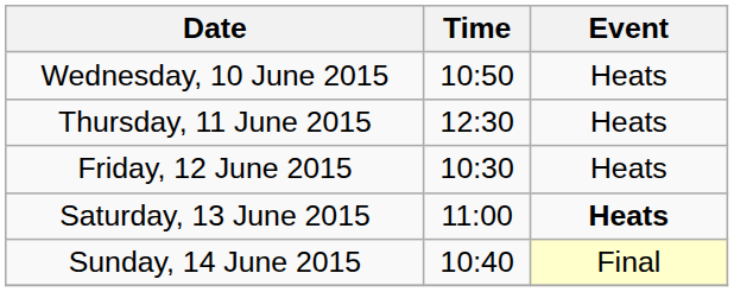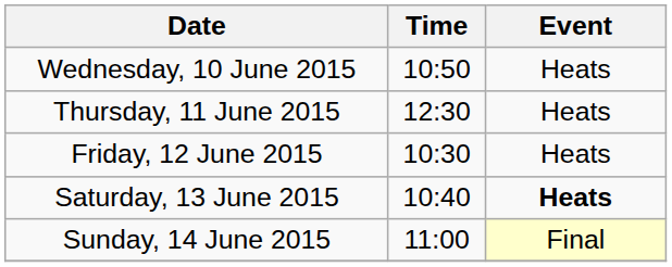 <table class = "wikitable" style="text-align:center;">
 <tr>
 <th width=220>Date</th>
 <th width=50>Time</th>
 <th width=100>Event</th>
 </tr>
 <tr>
 <td>Wednesday, 10 June 2015</td>
 <td>10:50</td>
 <td>Heats</td>
 </tr>
 <tr>
 <td>Thursday, 11 June 2015</td>
 <td>12:30</td>
 <td>Heats</td>
 </tr>
 <tr>
 <td>Friday, 12 June 2015</td>
 <td>10:30</td>
 <td>Heats</td>
 </tr>
 <tr>
 <td>Saturday, 13 June 2015</td>
-<td>11:00</td>
+<td>10:40</td>
 <td><strong>Heats</strong></td>
 </tr>
 <tr>
 <td>Sunday, 14 June 2015</td>
-<td>10:40</td>
+<td>11:00</td>
 <td bgcolor=ffffcc>Final</td>
 </tr>
 <tr>
 </tr>
 </table>
